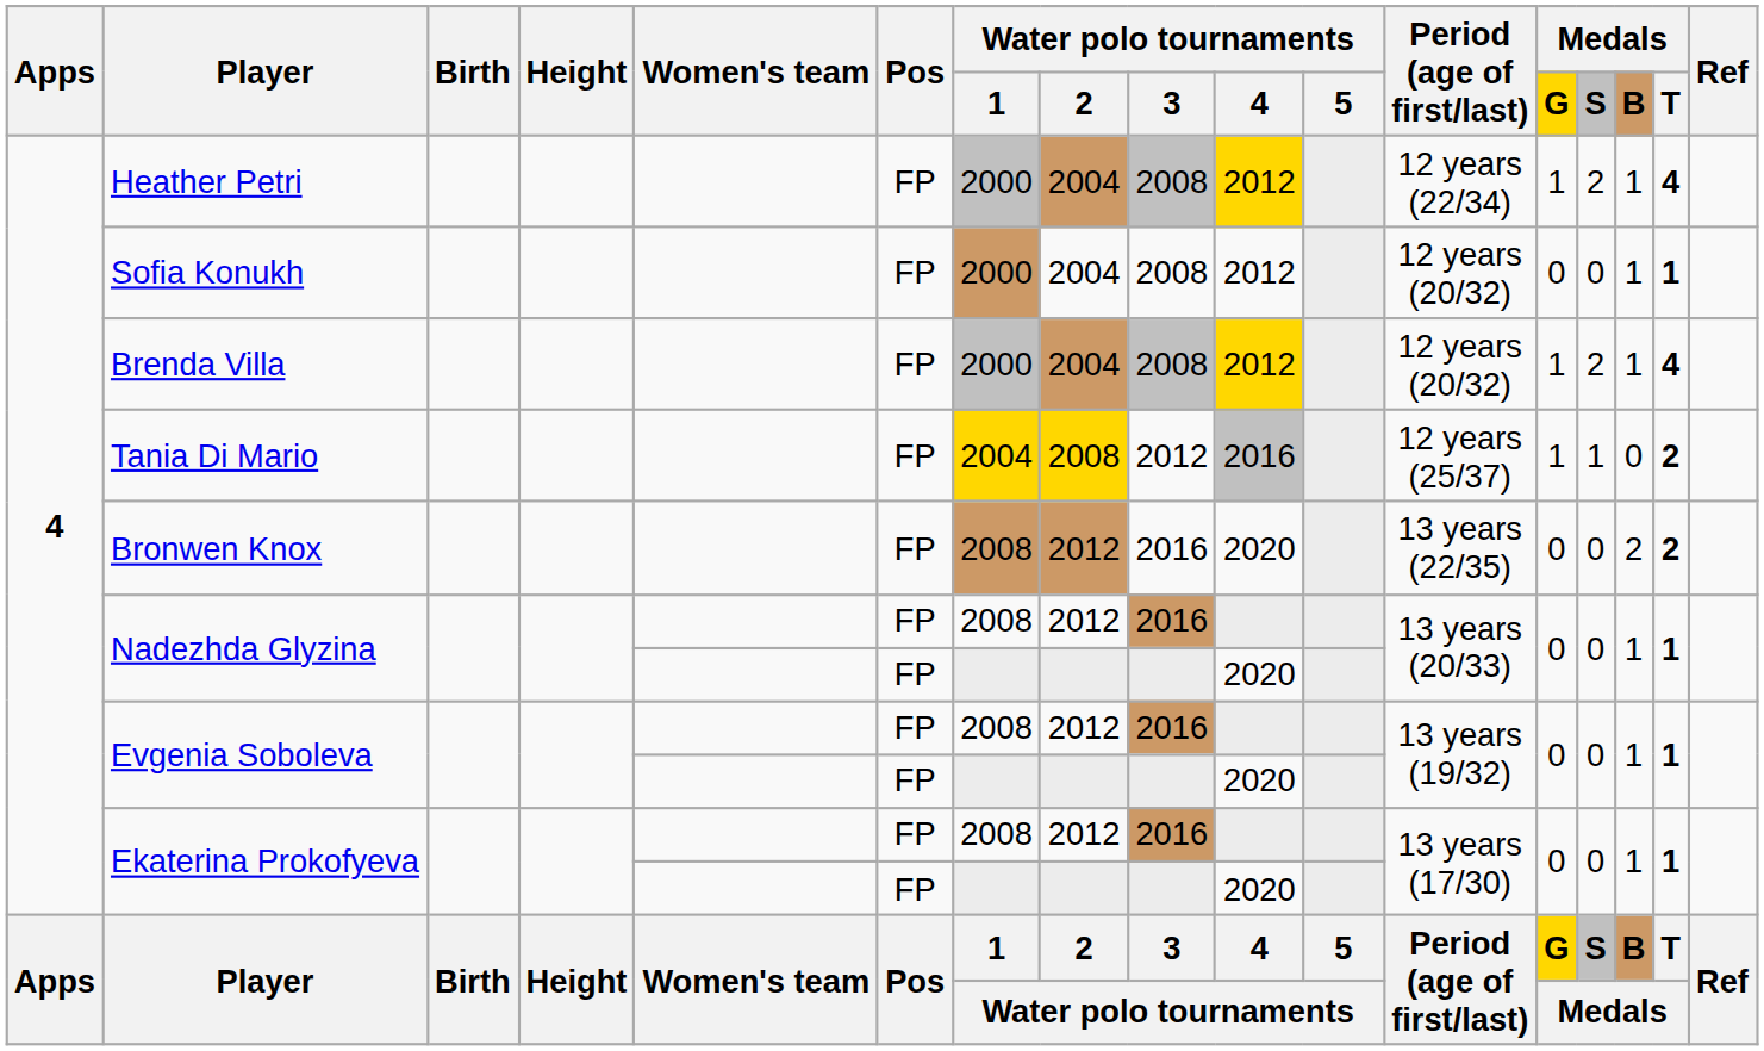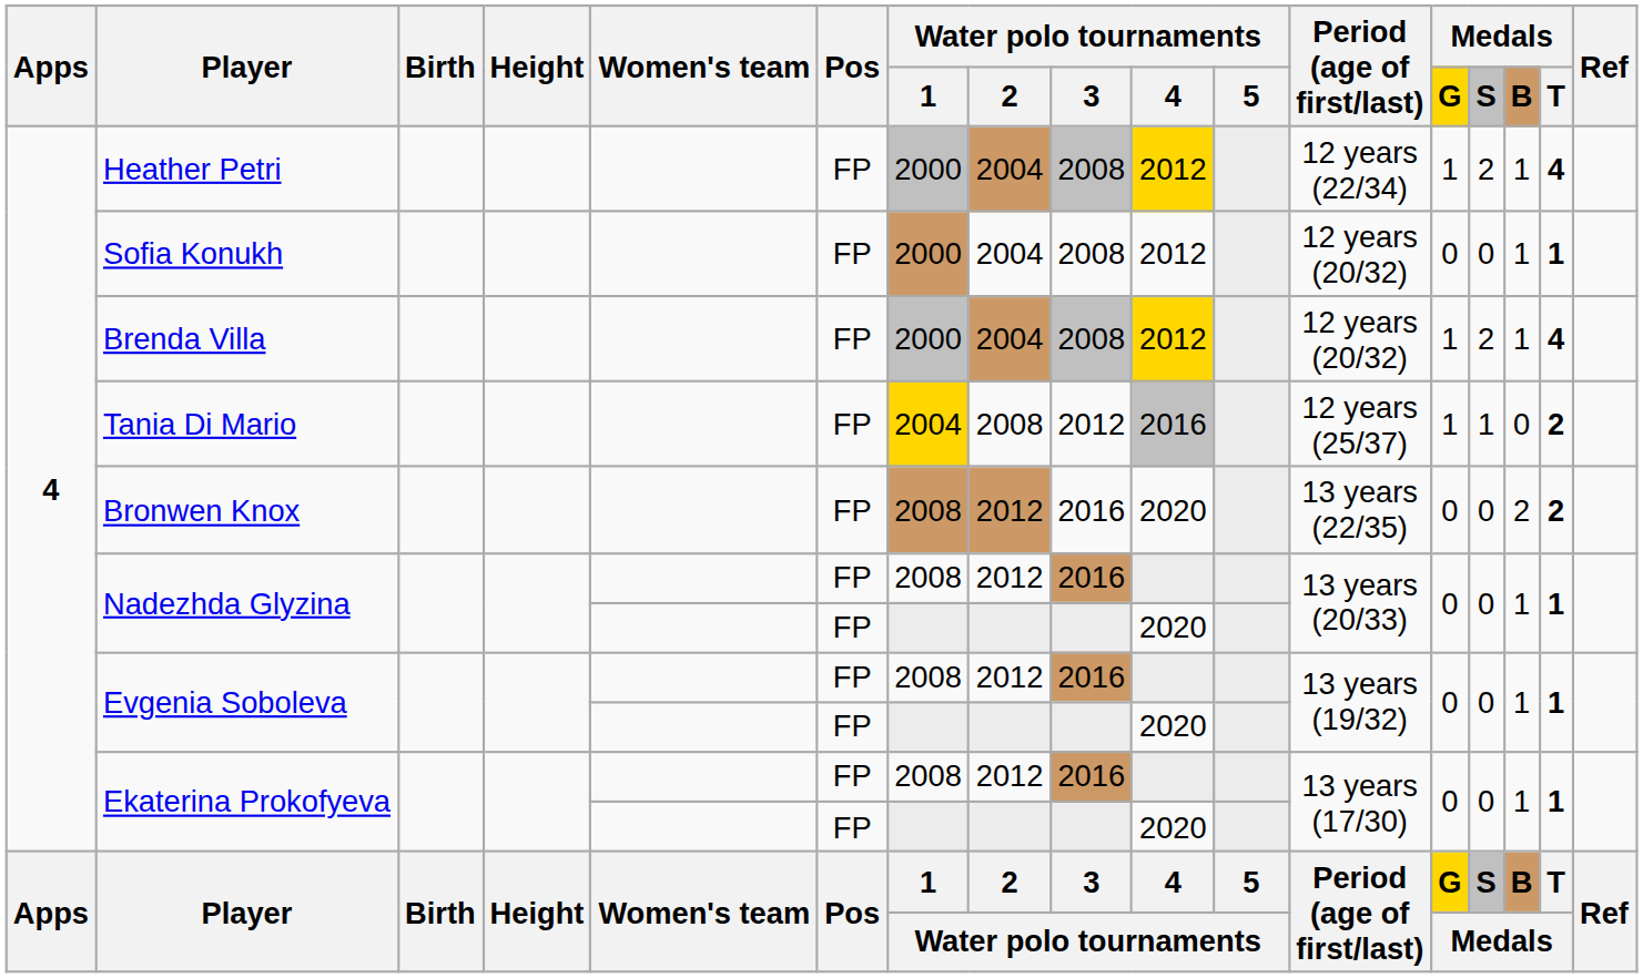 <table class="wikitable sortable" style="text-align: center; font-size: 80%; margin-left: 1em;">
 <tr>
 <th rowspan="2">Apps</th>
 <th rowspan="2">Player</th>
 <th rowspan="2">Birth</th>
 <th rowspan="2">Height</th>
 <th rowspan="2">Women's team</th>
 <th rowspan="2">Pos</th>
 <th colspan="5">Water polo tournaments</th>
 <th rowspan="2">Period<br>(age of<br>first/last)</th>
 <th colspan="4">Medals</th>
 <th rowspan="2" class="unsortable">Ref</th>
 </tr>
 <tr>
 <th>1</th>
 <th class="unsortable">2</th>
 <th class="unsortable">3</th>
 <th class="unsortable">4</th>
 <th style="width: 2em;" class="unsortable">5</th>
 <th style="background-color: gold;">G</th>
 <th style="background-color: silver;">S</th>
 <th style="background-color: #cc9966;">B</th>
 <th>T</th>
 </tr>
 <tr>
 <td rowspan="11"><strong>4</strong></td>
 <td style="text-align: left;" data-sort-value="Petri, Heather"><a href='#'>Heather Petri</a></td>
 <td></td>
 <td></td>
 <td style="text-align: left;"></td>
 <td>FP</td>
 <td style="background-color: silver;">2000</td>
 <td style="background-color: #cc9966;">2004</td>
 <td style="background-color: silver;">2008</td>
 <td style="background-color: gold;">2012</td>
 <td style="background-color: #ececec;"></td>
 <td>12 years<br>(22/34)</td>
 <td>1</td>
 <td>2</td>
 <td>1</td>
 <td><strong>4</strong></td>
 <td></td>
 </tr>
 <tr>
 <td style="text-align: left;" data-sort-value="Konukh, Sofia"><a href='#'>Sofia Konukh</a></td>
 <td></td>
 <td></td>
 <td style="text-align: left;"></td>
 <td>FP</td>
 <td style="background-color: #cc9966;">2000</td>
 <td>2004</td>
 <td>2008</td>
 <td>2012</td>
 <td style="background-color: #ececec;"></td>
 <td>12 years<br>(20/32)</td>
 <td>0</td>
 <td>0</td>
 <td>1</td>
 <td><strong>1</strong></td>
 <td></td>
 </tr>
 <tr>
 <td style="text-align: left;" data-sort-value="Villa, Brenda"><a href='#'>Brenda Villa</a></td>
 <td></td>
 <td></td>
 <td style="text-align: left;"></td>
 <td>FP</td>
 <td style="background-color: silver;">2000</td>
 <td style="background-color: #cc9966;">2004</td>
 <td style="background-color: silver;">2008</td>
 <td style="background-color: gold;">2012</td>
 <td style="background-color: #ececec;"></td>
 <td>12 years<br>(20/32)</td>
 <td>1</td>
 <td>2</td>
 <td>1</td>
 <td><strong>4</strong></td>
 <td></td>
 </tr>
 <tr>
 <td style="text-align: left;" data-sort-value="Di Mario, Tania"><a href='#'>Tania Di Mario</a></td>
 <td></td>
 <td></td>
 <td style="text-align: left;"></td>
 <td>FP</td>
 <td style="background-color: gold;">2004</td>
-<td style="background: gold;">2008</td>
+<td>2008</td>
 <td>2012</td>
 <td style="background-color: silver;">2016</td>
 <td style="background-color: #ececec;"></td>
 <td>12 years<br>(25/37)</td>
 <td>1</td>
 <td>1</td>
 <td>0</td>
 <td><strong>2</strong></td>
 <td></td>
 </tr>
 <tr>
 <td style="text-align: left;" data-sort-value="Knox, Bronwen"><a href='#'>Bronwen Knox</a></td>
 <td></td>
 <td></td>
 <td style="text-align: left;"></td>
 <td>FP</td>
 <td style="background-color: #cc9966;">2008</td>
 <td style="background-color: #cc9966;">2012</td>
 <td>2016</td>
 <td>2020</td>
 <td style="background-color: #ececec;"></td>
 <td>13 years<br>(22/35)</td>
 <td>0</td>
 <td>0</td>
 <td>2</td>
 <td><strong>2</strong></td>
 <td></td>
 </tr>
 <tr>
 <td rowspan="2" style="text-align: left;" data-sort-value="Glyzina, Nadezhda"><a href='#'>Nadezhda Glyzina</a></td>
 <td rowspan="2"></td>
 <td rowspan="2"></td>
 <td style="text-align: left;"></td>
 <td>FP</td>
 <td>2008</td>
 <td>2012</td>
 <td style="background-color: #cc9966;">2016</td>
 <td style="background-color: #ececec;"></td>
 <td style="background-color: #ececec;"></td>
 <td rowspan="2">13 years<br>(20/33)</td>
 <td rowspan="2">0</td>
 <td rowspan="2">0</td>
 <td rowspan="2">1</td>
 <td rowspan="2"><strong>1</strong></td>
 <td rowspan="2"></td>
 </tr>
 <tr>
 <td style="text-align: left;"></td>
 <td>FP</td>
 <td style="background-color: #ececec;"></td>
 <td style="background-color: #ececec;"></td>
 <td style="background-color: #ececec;"></td>
 <td>2020</td>
 <td style="background-color: #ececec;"></td>
 </tr>
 <tr>
 <td rowspan="2" style="text-align: left;" data-sort-value="Soboleva, Evgenia"><a href='#'>Evgenia Soboleva</a></td>
 <td rowspan="2"></td>
 <td rowspan="2"></td>
 <td style="text-align: left;"></td>
 <td>FP</td>
 <td>2008</td>
 <td>2012</td>
 <td style="background-color: #cc9966;">2016</td>
 <td style="background-color: #ececec;"></td>
 <td style="background-color: #ececec;"></td>
 <td rowspan="2">13 years<br>(19/32)</td>
 <td rowspan="2">0</td>
 <td rowspan="2">0</td>
 <td rowspan="2">1</td>
 <td rowspan="2"><strong>1</strong></td>
 <td rowspan="2"></td>
 </tr>
 <tr>
 <td style="text-align: left;"></td>
 <td>FP</td>
 <td style="background-color: #ececec;"></td>
 <td style="background-color: #ececec;"></td>
 <td style="background-color: #ececec;"></td>
 <td>2020</td>
 <td style="background-color: #ececec;"></td>
 </tr>
 <tr>
 <td rowspan="2" style="text-align: left;" data-sort-value="Prokofyeva, Ekaterina"><a href='#'>Ekaterina Prokofyeva</a></td>
 <td rowspan="2"></td>
 <td rowspan="2"></td>
 <td style="text-align: left;"></td>
 <td>FP</td>
 <td>2008</td>
 <td>2012</td>
 <td style="background-color: #cc9966;">2016</td>
 <td style="background-color: #ececec;"></td>
 <td style="background-color: #ececec;"></td>
 <td rowspan="2">13 years<br>(17/30)</td>
 <td rowspan="2">0</td>
 <td rowspan="2">0</td>
 <td rowspan="2">1</td>
 <td rowspan="2"><strong>1</strong></td>
 <td rowspan="2"></td>
 </tr>
 <tr>
 <td style="text-align: left;"></td>
 <td>FP</td>
 <td style="background-color: #ececec;"></td>
 <td style="background-color: #ececec;"></td>
 <td style="background-color: #ececec;"></td>
 <td>2020</td>
 <td style="background-color: #ececec;"></td>
 </tr>
 <tr>
 <th rowspan="2">Apps</th>
 <th rowspan="2">Player</th>
 <th rowspan="2">Birth</th>
 <th rowspan="2">Height</th>
 <th rowspan="2">Women's team</th>
 <th rowspan="2">Pos</th>
 <th>1</th>
 <th>2</th>
 <th>3</th>
 <th>4</th>
 <th>5</th>
 <th rowspan="2">Period<br>(age of<br>first/last)</th>
 <th style="background-color: gold;">G</th>
 <th style="background-color: silver;">S</th>
 <th style="background-color: #cc9966;">B</th>
 <th>T</th>
 <th rowspan="2">Ref</th>
 </tr>
 <tr>
 <th colspan="5">Water polo tournaments</th>
 <th colspan="4">Medals</th>
 </tr>
 </table>
